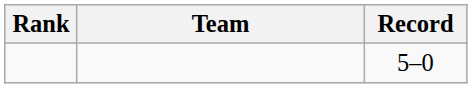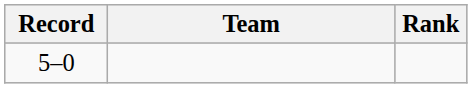 <table class="wikitable" style="text-align: center;">
 <tr>
+<th width=60>Record</th>
+<th width=180>Team</th>
 <th width=40>Rank</th>
-<th width=180>Team</th>
-<th width=60>Record</th>
 </tr>
 <tr>
+<td>5–0</td>
+<td align=left></td>
 <td></td>
-<td align=left></td>
-<td>5–0</td>
 </tr>
 </table>
